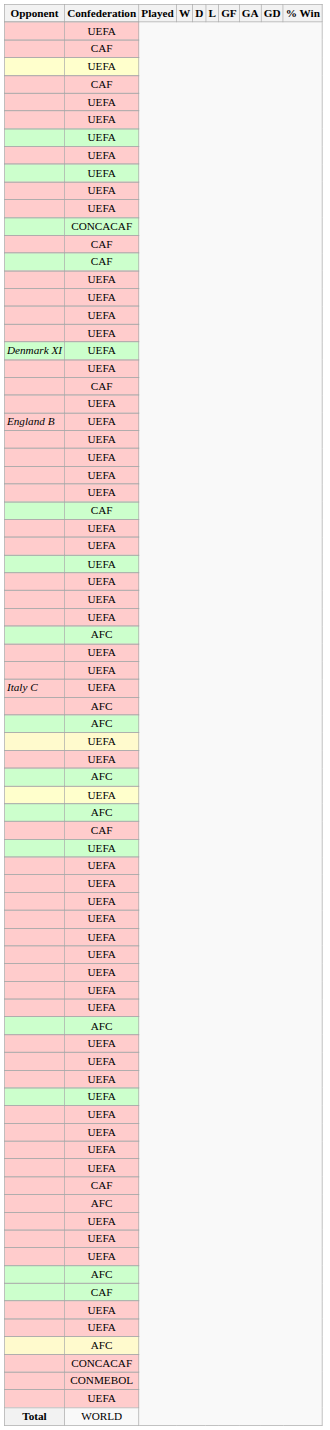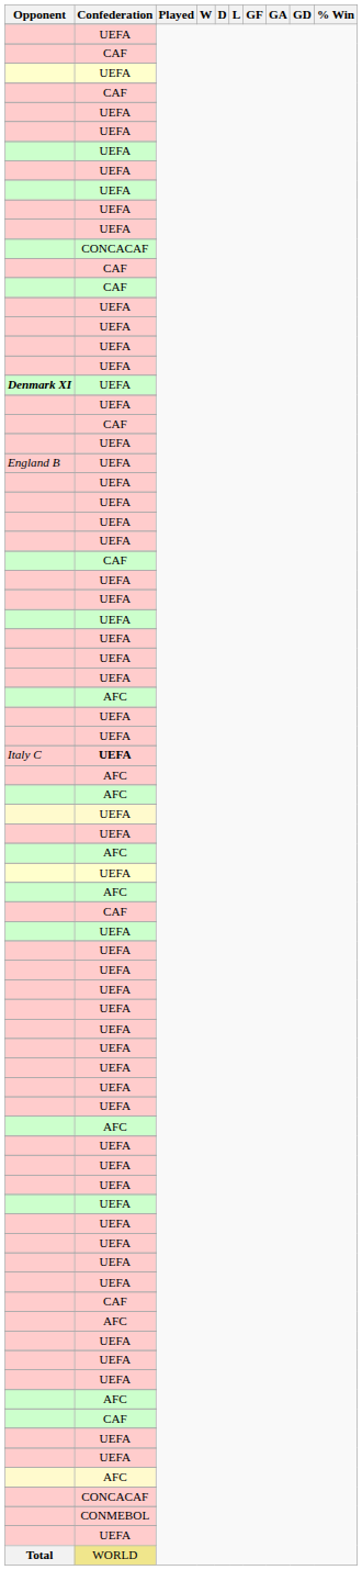 <table | class="wikitable sortable" style="text-align:center;">
 <tr>
 <th>Opponent</th>
 <th>Confederation</th>
 <th>Played</th>
 <th>W</th>
 <th>D</th>
 <th>L</th>
 <th>GF</th>
 <th>GA</th>
 <th>GD</th>
 <th>% Win</th>
 </tr>
 <tr>
 </tr>
 <tr bgcolor="#ffcccc">
 <td align="left"></td>
 <td>UEFA<br></td>
 </tr>
 <tr>
 </tr>
 <tr bgcolor="#ffcccc">
 <td align="left"></td>
 <td>CAF<br></td>
 </tr>
 <tr>
 </tr>
 <tr bgcolor="#ffffcc">
 <td align="left"></td>
 <td>UEFA<br></td>
 </tr>
 <tr>
 </tr>
 <tr bgcolor="#ffcccc">
 <td align="left"></td>
 <td>CAF<br></td>
 </tr>
 <tr>
 </tr>
 <tr bgcolor="#ffcccc">
 <td align="left"></td>
 <td>UEFA<br></td>
 </tr>
 <tr>
 </tr>
 <tr bgcolor="#ffcccc">
 <td align="left"></td>
 <td>UEFA<br></td>
 </tr>
 <tr>
 </tr>
 <tr bgcolor="#ccffcc">
 <td align="left"></td>
 <td>UEFA<br></td>
 </tr>
 <tr>
 </tr>
 <tr bgcolor="#ffcccc">
 <td align="left"></td>
 <td>UEFA<br></td>
 </tr>
 <tr>
 </tr>
 <tr bgcolor="#ccffcc">
 <td align="left"></td>
 <td>UEFA<br></td>
 </tr>
 <tr>
 </tr>
 <tr bgcolor="#ffcccc">
 <td align="left"></td>
 <td>UEFA<br></td>
 </tr>
 <tr>
 </tr>
 <tr bgcolor="#ffcccc">
 <td align="left"></td>
 <td>UEFA<br></td>
 </tr>
 <tr>
 </tr>
 <tr bgcolor="#ccffcc">
 <td align="left"></td>
 <td>CONCACAF<br></td>
 </tr>
 <tr>
 </tr>
 <tr bgcolor="#ffcccc">
 <td align="left"></td>
 <td>CAF<br></td>
 </tr>
 <tr>
 </tr>
 <tr bgcolor="#ccffcc">
 <td align="left"></td>
 <td>CAF<br></td>
 </tr>
 <tr>
 </tr>
 <tr bgcolor="#ffcccc">
 <td align="left"></td>
 <td>UEFA<br></td>
 </tr>
 <tr>
 </tr>
 <tr bgcolor="#ffcccc">
 <td align="left"></td>
 <td>UEFA<br></td>
 </tr>
 <tr>
 </tr>
 <tr bgcolor="#ffcccc">
 <td align="left"></td>
 <td>UEFA<br></td>
 </tr>
 <tr>
 </tr>
 <tr bgcolor="#ffcccc">
 <td align="left"></td>
 <td>UEFA<br></td>
 </tr>
 <tr>
 </tr>
 <tr bgcolor="#ccffcc">
-<td align="left"> <em>Denmark XI</em></td>
+<td align="left"><strong> <em>Denmark XI</em></strong></td>
 <td>UEFA<br></td>
 </tr>
 <tr>
 </tr>
 <tr bgcolor="#ffcccc">
 <td align="left"></td>
 <td>UEFA<br></td>
 </tr>
 <tr>
 </tr>
 <tr bgcolor="#ffcccc">
 <td align="left"></td>
 <td>CAF<br></td>
 </tr>
 <tr>
 </tr>
 <tr bgcolor="#ffcccc">
 <td align="left"></td>
 <td>UEFA<br></td>
 </tr>
 <tr>
 </tr>
 <tr>
 </tr>
 <tr bgcolor="#ffcccc">
 <td align="left"> <em>England B</em></td>
 <td>UEFA<br></td>
 </tr>
 <tr>
 </tr>
 <tr bgcolor="#ffcccc">
 <td align="left"></td>
 <td>UEFA<br></td>
 </tr>
 <tr>
 </tr>
 <tr bgcolor="#ffcccc">
 <td align="left"></td>
 <td>UEFA<br></td>
 </tr>
 <tr>
 </tr>
 <tr bgcolor="#ffcccc">
 <td align="left"></td>
 <td>UEFA<br></td>
 </tr>
 <tr>
 </tr>
 <tr bgcolor="#ffcccc">
 <td align="left"></td>
 <td>UEFA<br></td>
 </tr>
 <tr>
 </tr>
 <tr bgcolor="#ccffcc">
 <td align="left"></td>
 <td>CAF<br></td>
 </tr>
 <tr>
 </tr>
 <tr bgcolor="#ffcccc">
 <td align="left"></td>
 <td>UEFA<br></td>
 </tr>
 <tr>
 </tr>
 <tr bgcolor="#ffcccc">
 <td align="left"></td>
 <td>UEFA<br></td>
 </tr>
 <tr>
 </tr>
 <tr bgcolor="ccffcc">
 <td align="left"></td>
 <td>UEFA<br></td>
 </tr>
 <tr>
 </tr>
 <tr bgcolor="#ffcccc">
 <td align="left"></td>
 <td>UEFA<br></td>
 </tr>
 <tr>
 </tr>
 <tr bgcolor="#ffcccc">
 <td align="left"></td>
 <td>UEFA<br></td>
 </tr>
 <tr>
 </tr>
 <tr bgcolor="#ffcccc">
 <td align="left"></td>
 <td>UEFA<br></td>
 </tr>
 <tr>
 </tr>
 <tr bgcolor="#ccffcc">
 <td align="left"></td>
 <td>AFC<br></td>
 </tr>
 <tr>
 </tr>
 <tr bgcolor="#ffcccc">
 <td align="left"></td>
 <td>UEFA<br></td>
 </tr>
 <tr>
 </tr>
 <tr bgcolor="#ffcccc">
 <td align="left"></td>
 <td>UEFA<br></td>
 </tr>
 <tr>
 </tr>
 <tr>
 </tr>
 <tr bgcolor="#ffcccc">
 <td align="left"> <em>Italy C</em></td>
-<td>UEFA<br></td>
+<td><strong>UEFA<br></strong></td>
 </tr>
 <tr>
 </tr>
 <tr bgcolor="#ffcccc">
 <td align="left"></td>
 <td>AFC<br></td>
 </tr>
 <tr>
 </tr>
 <tr bgcolor="#ccffcc">
 <td align="left"></td>
 <td>AFC<br></td>
 </tr>
 <tr>
 </tr>
 <tr bgcolor="#fffacd">
 <td align="left"></td>
 <td>UEFA<br></td>
 </tr>
 <tr>
 </tr>
 <tr bgcolor="#ffcccc">
 <td align="left"></td>
 <td>UEFA<br></td>
 </tr>
 <tr>
 </tr>
 <tr bgcolor="#ccffcc">
 <td align="left"></td>
 <td>AFC<br></td>
 </tr>
 <tr>
 </tr>
 <tr bgcolor="#ffffcc">
 <td align="left"></td>
 <td>UEFA<br></td>
 </tr>
 <tr>
 </tr>
 <tr bgcolor="#ccffcc">
 <td align="left"></td>
 <td>AFC<br></td>
 </tr>
 <tr>
 </tr>
 <tr bgcolor="#ffcccc">
 <td align="left"></td>
 <td>CAF<br></td>
 </tr>
 <tr>
 </tr>
 <tr bgcolor="#ccffcc">
 <td align="left"></td>
 <td>UEFA<br></td>
 </tr>
 <tr>
 </tr>
 <tr bgcolor="#ffcccc">
 <td align="left"></td>
 <td>UEFA<br></td>
 </tr>
 <tr>
 </tr>
 <tr bgcolor="#ffcccc">
 <td align="left"></td>
 <td>UEFA<br></td>
 </tr>
 <tr>
 </tr>
 <tr bgcolor="#ffcccc">
 <td align="left"></td>
 <td>UEFA<br></td>
 </tr>
 <tr>
 </tr>
 <tr bgcolor="#ffcccc">
 <td align="left"></td>
 <td>UEFA<br></td>
 </tr>
 <tr>
 </tr>
 <tr bgcolor="#ffcccc">
 <td align="left"></td>
 <td>UEFA<br></td>
 </tr>
 <tr>
 </tr>
 <tr bgcolor="#ffcccc">
 <td align="left"></td>
 <td>UEFA<br></td>
 </tr>
 <tr>
 </tr>
 <tr bgcolor="#ffcccc">
 <td align="left"></td>
 <td>UEFA<br></td>
 </tr>
 <tr>
 </tr>
 <tr bgcolor="#ffcccc">
 <td align="left"></td>
 <td>UEFA<br></td>
 </tr>
 <tr>
 </tr>
 <tr bgcolor="#ffcccc">
 <td align="left"></td>
 <td>UEFA<br></td>
 </tr>
 <tr>
 </tr>
 <tr bgcolor="#ccffcc">
 <td align="left"></td>
 <td>AFC<br></td>
 </tr>
 <tr>
 </tr>
 <tr bgcolor="#ffcccc">
 <td align="left"></td>
 <td>UEFA<br></td>
 </tr>
 <tr>
 </tr>
 <tr bgcolor="#ffcccc">
 <td align="left"></td>
 <td>UEFA<br></td>
 </tr>
 <tr>
 </tr>
 <tr bgcolor="#ffcccc">
 <td align="left"></td>
 <td>UEFA<br></td>
 </tr>
 <tr>
 </tr>
 <tr bgcolor="#ccffcc">
 <td align="left"></td>
 <td>UEFA<br></td>
 </tr>
 <tr>
 </tr>
 <tr bgcolor="#ffcccc">
 <td align="left"></td>
 <td>UEFA<br></td>
 </tr>
 <tr>
 </tr>
 <tr bgcolor="#ffcccc">
 <td align="left"></td>
 <td>UEFA<br></td>
 </tr>
 <tr>
 </tr>
 <tr bgcolor="#ffcccc">
 <td align="left"></td>
 <td>UEFA<br></td>
 </tr>
 <tr>
 </tr>
 <tr bgcolor="#ffcccc">
 <td align="left"></td>
 <td>UEFA<br></td>
 </tr>
 <tr>
 </tr>
 <tr bgcolor="#ffcccc">
 <td align="left"></td>
 <td>CAF<br></td>
 </tr>
 <tr>
 </tr>
 <tr bgcolor="#ffcccc">
 <td align="left"></td>
 <td>AFC<br></td>
 </tr>
 <tr>
 </tr>
 <tr bgcolor="#ffcccc">
 <td align="left"></td>
 <td>UEFA<br></td>
 </tr>
 <tr>
 </tr>
 <tr bgcolor="#ffcccc">
 <td align="left"></td>
 <td>UEFA<br></td>
 </tr>
 <tr>
 </tr>
 <tr bgcolor="#ffcccc">
 <td align="left"></td>
 <td>UEFA<br></td>
 </tr>
 <tr>
 </tr>
 <tr bgcolor="#ccffcc">
 <td align="left"></td>
 <td>AFC<br></td>
 </tr>
 <tr>
 </tr>
 <tr bgcolor="#ccffcc">
 <td align="left"></td>
 <td>CAF<br></td>
 </tr>
 <tr>
 </tr>
 <tr bgcolor="#ffcccc">
 <td align="left"></td>
 <td>UEFA<br></td>
 </tr>
 <tr>
 </tr>
 <tr bgcolor="#ffcccc">
 <td align="left"></td>
 <td>UEFA<br></td>
 </tr>
 <tr>
 </tr>
 <tr bgcolor="#fffacd">
 <td align="left"></td>
 <td>AFC<br></td>
 </tr>
 <tr>
 </tr>
 <tr bgcolor="#ffcccc">
 <td align="left"></td>
 <td>CONCACAF<br></td>
 </tr>
 <tr>
 </tr>
 <tr bgcolor="#ffcccc">
 <td align="left"></td>
 <td>CONMEBOL<br></td>
 </tr>
 <tr>
 </tr>
 <tr bgcolor="#ffcccc">
 <td align="left"></td>
 <td>UEFA<br></td>
 </tr>
 <tr>
 <th>Total</th>
-<td>WORLD<br></td>
+<td style="background: khaki;">WORLD<br></td>
 </tr>
 </table>
